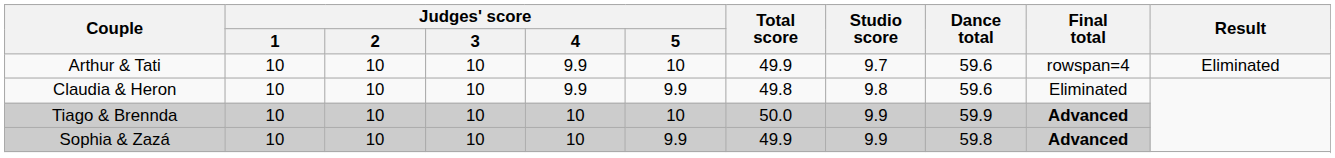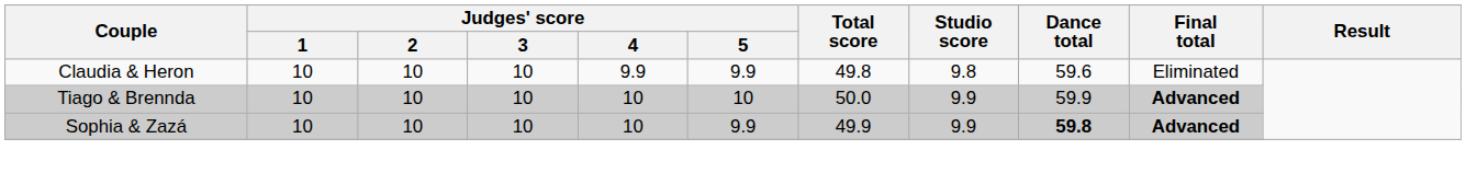 <table class="wikitable" style="font-size:100%; line-height:16px; text-align:center" width="100%">
 <tr>
 <th rowspan=2 width="11.0%">Couple</th>
 <th colspan=5 width="25.0%">Judges' score</th>
 <th rowspan=2 width="05.0%">Total<br>score</th>
 <th rowspan=2 width="05.0%">Studio<br>score</th>
 <th rowspan=2 width="05.0%">Dance<br>total</th>
 <th rowspan=2 width="05.0%">Final<br>total</th>
 <th rowspan=2 width="09.0%">Result</th>
 </tr>
 <tr>
 <th width="05.0%">1</th>
 <th width="05.0%">2</th>
 <th width="05.0%">3</th>
 <th width="05.0%">4</th>
 <th width="05.0%">5</th>
-</tr>
-<tr>
-<td>Arthur & Tati</td>
-<td>10</td>
-<td>10</td>
-<td>10</td>
-<td>9.9</td>
-<td>10</td>
-<td>49.9</td>
-<td>9.7</td>
-<td>59.6</td>
-<td>rowspan=4 </td>
-<td>Eliminated</td>
 </tr>
 <tr>
 <td>Claudia & Heron</td>
 <td>10</td>
 <td>10</td>
 <td>10</td>
 <td>9.9</td>
 <td>9.9</td>
 <td>49.8</td>
 <td>9.8</td>
 <td>59.6</td>
 <td>Eliminated</td>
 </tr>
 <tr bgcolor=CCCCCC>
 <td>Tiago & Brennda</td>
 <td>10</td>
 <td>10</td>
 <td>10</td>
 <td>10</td>
 <td>10</td>
 <td>50.0</td>
 <td>9.9</td>
 <td>59.9</td>
 <td><strong>Advanced</strong></td>
 </tr>
 <tr bgcolor=CCCCCC>
 <td>Sophia & Zazá</td>
 <td>10</td>
 <td>10</td>
 <td>10</td>
 <td>10</td>
 <td>9.9</td>
 <td>49.9</td>
 <td>9.9</td>
-<td>59.8</td>
+<td><strong>59.8</strong></td>
 <td><strong>Advanced</strong></td>
 </tr>
 <tr>
 </tr>
 </table>
